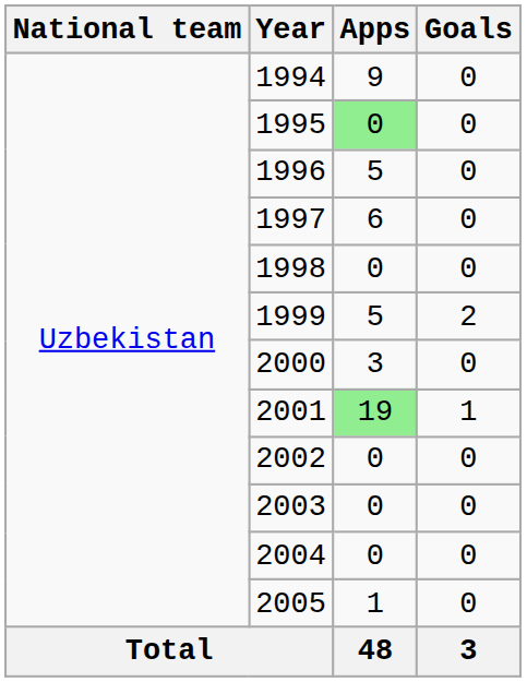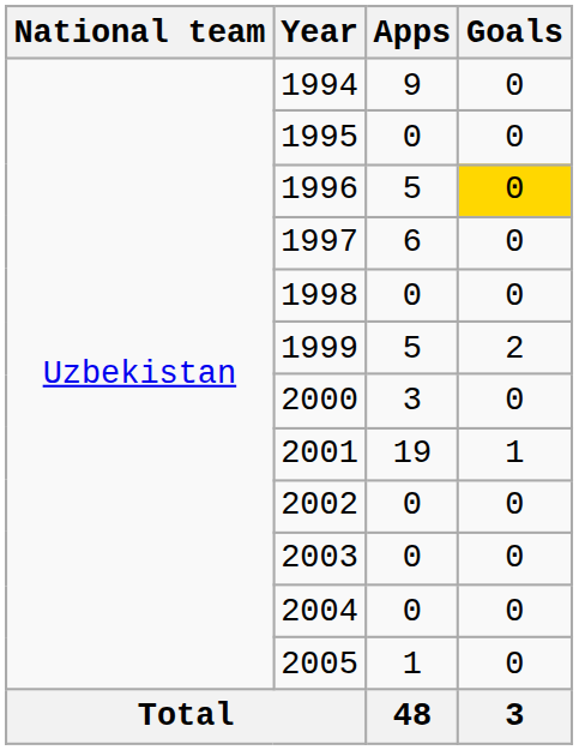 <table class="wikitable" style="text-align:center">
 <tr>
 <th>National team</th>
 <th>Year</th>
 <th>Apps</th>
 <th>Goals</th>
 </tr>
 <tr>
 <td rowspan="12"><a href='#'>Uzbekistan</a></td>
 <td>1994</td>
 <td>9</td>
 <td>0</td>
 </tr>
 <tr>
 <td>1995</td>
-<td style="background: lightgreen;">0</td>
+<td>0</td>
 <td>0</td>
 </tr>
 <tr>
 <td>1996</td>
 <td>5</td>
-<td>0</td>
+<td style="background: gold;">0</td>
 </tr>
 <tr>
 <td>1997</td>
 <td>6</td>
 <td>0</td>
 </tr>
 <tr>
 <td>1998</td>
 <td>0</td>
 <td>0</td>
 </tr>
 <tr>
 <td>1999</td>
 <td>5</td>
 <td>2</td>
 </tr>
 <tr>
 <td>2000</td>
 <td>3</td>
 <td>0</td>
 </tr>
 <tr>
 <td>2001</td>
-<td style="background: lightgreen;">19</td>
+<td>19</td>
 <td>1</td>
 </tr>
 <tr>
 <td>2002</td>
 <td>0</td>
 <td>0</td>
 </tr>
 <tr>
 <td>2003</td>
 <td>0</td>
 <td>0</td>
 </tr>
 <tr>
 <td>2004</td>
 <td>0</td>
 <td>0</td>
 </tr>
 <tr>
 <td>2005</td>
 <td>1</td>
 <td>0</td>
 </tr>
 <tr>
 <th colspan="2">Total</th>
 <th>48</th>
 <th>3</th>
 </tr>
 </table>
